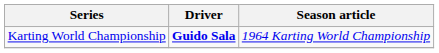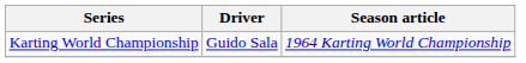 <table class="wikitable" style="font-size: 87%;">
 <tr>
 <th>Series</th>
 <th>Driver</th>
 <th>Season article</th>
 </tr>
 <tr>
 <td><a href='#'>Karting World Championship</a></td>
-<td><strong> <a href='#'>Guido Sala</a></strong></td>
+<td> <a href='#'>Guido Sala</a></td>
 <td><em><a href='#'>1964 Karting World Championship</a></em></td>
 </tr>
 <tr>
 </tr>
 </table>
